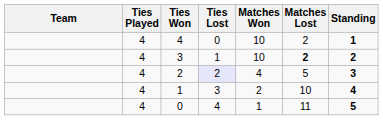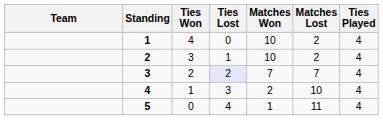 <table class=wikitable style="text-align:center">
 <tr>
 <th width=175>Team</th>
-<th width=50>Ties Played</th>
+<th width=50>Standing</th>
 <th width=50>Ties Won</th>
 <th width=50>Ties Lost</th>
 <th width=50>Matches Won</th>
 <th width=50>Matches Lost</th>
-<th width=50>Standing</th>
+<th width=50>Ties Played</th>
 </tr>
 <tr>
 <td style="text-align:left"></td>
-<td>4</td>
+<td><strong>1</strong></td>
 <td>4</td>
 <td>0</td>
 <td>10</td>
 <td>2</td>
-<td><strong>1</strong></td>
+<td>4</td>
 </tr>
 <tr>
 <td style="text-align:left"></td>
-<td>4</td>
+<td><strong>2</strong></td>
 <td>3</td>
 <td>1</td>
 <td>10</td>
-<td><strong>2</strong></td>
-<td><strong>2</strong></td>
+<td>2</td>
+<td>4</td>
 </tr>
 <tr>
 <td style="text-align:left"></td>
-<td>4</td>
+<td><strong>3</strong></td>
 <td>2</td>
 <td style="background: lavender;">2</td>
+<td>7</td>
+<td>7</td>
 <td>4</td>
-<td>5</td>
-<td><strong>3</strong></td>
 </tr>
 <tr>
 <td style="text-align:left"></td>
-<td>4</td>
+<td><strong>4</strong></td>
 <td>1</td>
 <td>3</td>
 <td>2</td>
 <td>10</td>
-<td><strong>4</strong></td>
+<td>4</td>
 </tr>
 <tr>
 <td style="text-align:left"></td>
-<td>4</td>
+<td><strong>5</strong></td>
 <td>0</td>
 <td>4</td>
 <td>1</td>
 <td>11</td>
-<td><strong>5</strong></td>
+<td>4</td>
 </tr>
 </table>
